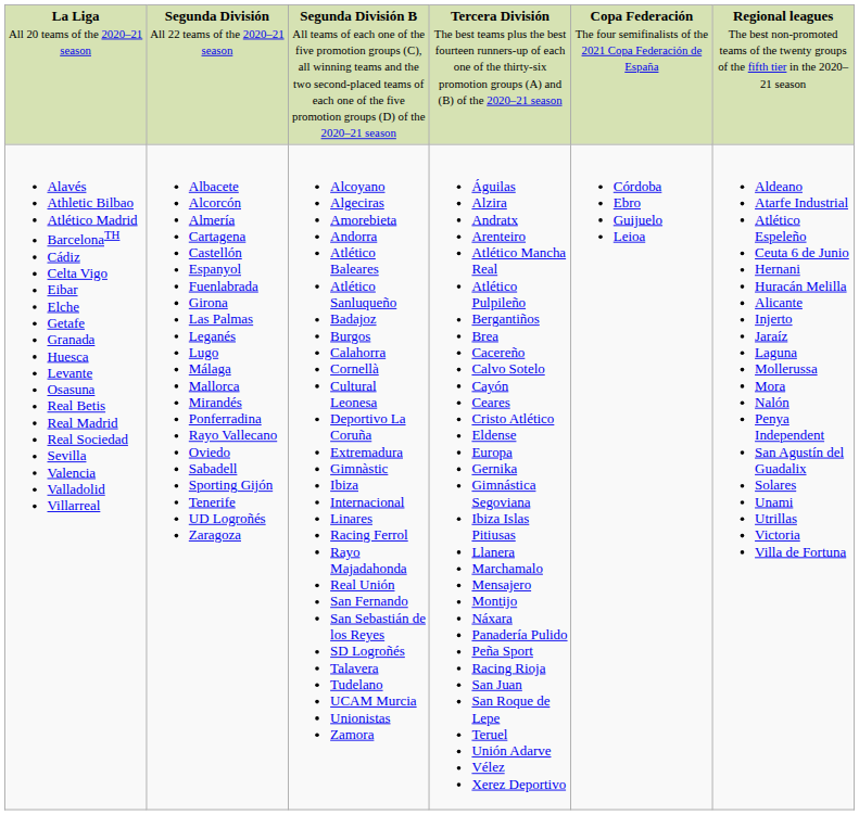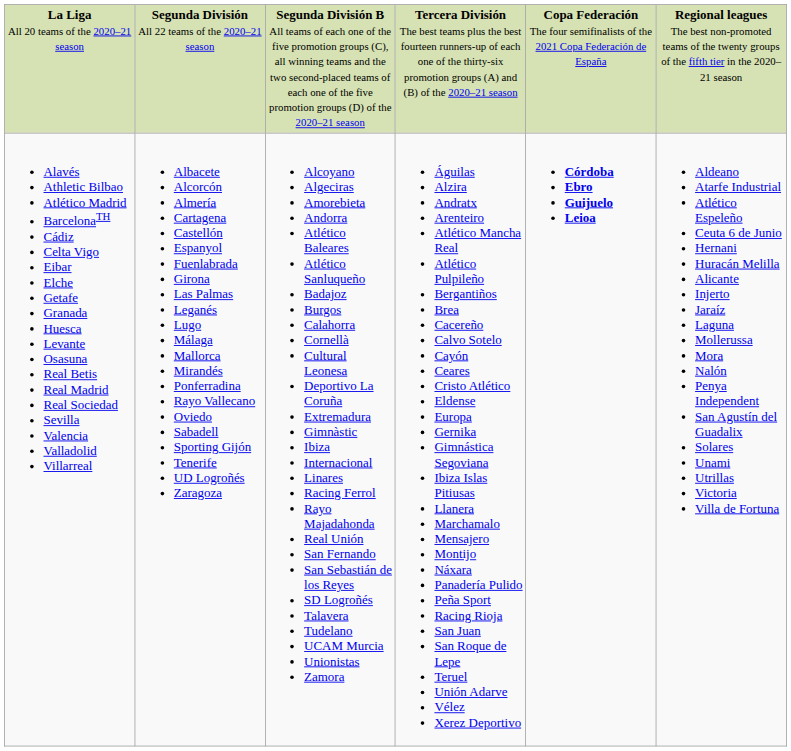 <table class="wikitable" style="font-size:90%">
 <tr style="background-color:#d6e2b3; text-align:center; vertical-align:top">
 <td style="width:16.67%"><strong>La Liga</strong><br><small>All 20 teams of the <a href='#'>2020–21 season</a></small></td>
 <td style="width:16.67%"><strong>Segunda División</strong><br><small>All 22 teams of the <a href='#'>2020–21 season</a></small></td>
 <td style="width:16.67%"><strong>Segunda División B</strong><br><small>All teams of each one of the five promotion groups (C), all winning teams and the two second-placed teams of each one of the five promotion groups (D) of the <a href='#'>2020–21 season</a></small></td>
 <td style="width:16.67%"><strong>Tercera División</strong><br><small>The best teams plus the best fourteen runners-up of each one of the thirty-six promotion groups (A) and (B) of the <a href='#'>2020–21 season</a></small></td>
 <td style="width:16.67%"><strong>Copa Federación</strong><br><small>The four semifinalists of the <a href='#'>2021 Copa Federación de España</a></small></td>
 <td style="width:16.67%"><strong>Regional leagues</strong><br><small>The best non-promoted teams of the twenty groups of the <a href='#'>fifth tier</a> in the 2020–21 season </small></td>
 </tr>
 <tr style="vertical-align:top">
 <td><br><ul><li><a href='#'>Alavés</a></li><li><a href='#'>Athletic Bilbao</a></li><li><a href='#'>Atlético Madrid</a></li><li><a href='#'>Barcelona</a><sup><a href='#'>TH</a></sup></li><li><a href='#'>Cádiz</a></li><li><a href='#'>Celta Vigo</a></li><li><a href='#'>Eibar</a></li><li><a href='#'>Elche</a></li><li><a href='#'>Getafe</a></li><li><a href='#'>Granada</a></li><li><a href='#'>Huesca</a></li><li><a href='#'>Levante</a></li><li><a href='#'>Osasuna</a></li><li><a href='#'>Real Betis</a></li><li><a href='#'>Real Madrid</a></li><li><a href='#'>Real Sociedad</a></li><li><a href='#'>Sevilla</a></li><li><a href='#'>Valencia</a></li><li><a href='#'>Valladolid</a></li><li><a href='#'>Villarreal</a></li></ul></td>
 <td><br><ul><li><a href='#'>Albacete</a></li><li><a href='#'>Alcorcón</a></li><li><a href='#'>Almería</a></li><li><a href='#'>Cartagena</a></li><li><a href='#'>Castellón</a></li><li><a href='#'>Espanyol</a></li><li><a href='#'>Fuenlabrada</a></li><li><a href='#'>Girona</a></li><li><a href='#'>Las Palmas</a></li><li><a href='#'>Leganés</a></li><li><a href='#'>Lugo</a></li><li><a href='#'>Málaga</a></li><li><a href='#'>Mallorca</a></li><li><a href='#'>Mirandés</a></li><li><a href='#'>Ponferradina</a></li><li><a href='#'>Rayo Vallecano</a></li><li><a href='#'>Oviedo</a></li><li><a href='#'>Sabadell</a></li><li><a href='#'>Sporting Gijón</a></li><li><a href='#'>Tenerife</a></li><li><a href='#'>UD Logroñés</a></li><li><a href='#'>Zaragoza</a></li></ul></td>
 <td><br><ul><li><a href='#'>Alcoyano</a></li><li><a href='#'>Algeciras</a></li><li><a href='#'>Amorebieta</a></li><li><a href='#'>Andorra</a></li><li><a href='#'>Atlético Baleares</a></li><li><a href='#'>Atlético Sanluqueño</a></li><li><a href='#'>Badajoz</a></li><li><a href='#'>Burgos</a></li><li><a href='#'>Calahorra</a></li><li><a href='#'>Cornellà</a></li><li><a href='#'>Cultural Leonesa</a></li><li><a href='#'>Deportivo La Coruña</a></li><li><a href='#'>Extremadura</a></li><li><a href='#'>Gimnàstic</a></li><li><a href='#'>Ibiza</a></li><li><a href='#'>Internacional</a></li><li><a href='#'>Linares</a></li><li><a href='#'>Racing Ferrol</a></li><li><a href='#'>Rayo Majadahonda</a></li><li><a href='#'>Real Unión</a></li><li><a href='#'>San Fernando</a></li><li><a href='#'>San Sebastián de los Reyes</a></li><li><a href='#'>SD Logroñés</a></li><li><a href='#'>Talavera</a></li><li><a href='#'>Tudelano</a></li><li><a href='#'>UCAM Murcia</a></li><li><a href='#'>Unionistas</a></li><li><a href='#'>Zamora</a></li></ul></td>
 <td><br><ul><li><a href='#'>Águilas</a></li><li><a href='#'>Alzira</a></li><li><a href='#'>Andratx</a></li><li><a href='#'>Arenteiro</a></li><li><a href='#'>Atlético Mancha Real</a></li><li><a href='#'>Atlético Pulpileño</a></li><li><a href='#'>Bergantiños</a></li><li><a href='#'>Brea</a></li><li><a href='#'>Cacereño</a></li><li><a href='#'>Calvo Sotelo</a></li><li><a href='#'>Cayón</a></li><li><a href='#'>Ceares</a></li><li><a href='#'>Cristo Atlético</a></li><li><a href='#'>Eldense</a></li><li><a href='#'>Europa</a></li><li><a href='#'>Gernika</a></li><li><a href='#'>Gimnástica Segoviana</a></li><li><a href='#'>Ibiza Islas Pitiusas</a></li><li><a href='#'>Llanera</a></li><li><a href='#'>Marchamalo</a></li><li><a href='#'>Mensajero</a></li><li><a href='#'>Montijo</a></li><li><a href='#'>Náxara</a></li><li><a href='#'>Panadería Pulido</a></li><li><a href='#'>Peña Sport</a></li><li><a href='#'>Racing Rioja</a></li><li><a href='#'>San Juan</a></li><li><a href='#'>San Roque de Lepe</a></li><li><a href='#'>Teruel</a></li><li><a href='#'>Unión Adarve</a></li><li><a href='#'>Vélez</a></li><li><a href='#'>Xerez Deportivo</a></li></ul></td>
-<td><br><ul><li><a href='#'>Córdoba</a></li><li><a href='#'>Ebro</a></li><li><a href='#'>Guijuelo</a></li><li><a href='#'>Leioa</a></li></ul></td>
+<td><strong><br><ul><li><a href='#'>Córdoba</a></li><li><a href='#'>Ebro</a></li><li><a href='#'>Guijuelo</a></li><li><a href='#'>Leioa</a></li></ul></strong></td>
 <td><br><ul><li><a href='#'>Aldeano</a></li><li><a href='#'>Atarfe Industrial</a></li><li><a href='#'>Atlético Espeleño</a></li><li><a href='#'>Ceuta 6 de Junio</a></li><li><a href='#'>Hernani</a></li><li><a href='#'>Huracán Melilla</a></li><li><a href='#'>Alicante</a></li><li><a href='#'>Injerto</a></li><li><a href='#'>Jaraíz</a></li><li><a href='#'>Laguna</a></li><li><a href='#'>Mollerussa</a></li><li><a href='#'>Mora</a></li><li><a href='#'>Nalón</a></li><li><a href='#'>Penya Independent</a></li><li><a href='#'>San Agustín del Guadalix</a></li><li><a href='#'>Solares</a></li><li><a href='#'>Unami</a></li><li><a href='#'>Utrillas</a></li><li><a href='#'>Victoria</a></li><li><a href='#'>Villa de Fortuna</a></li></ul></td>
 </tr>
 </table>
